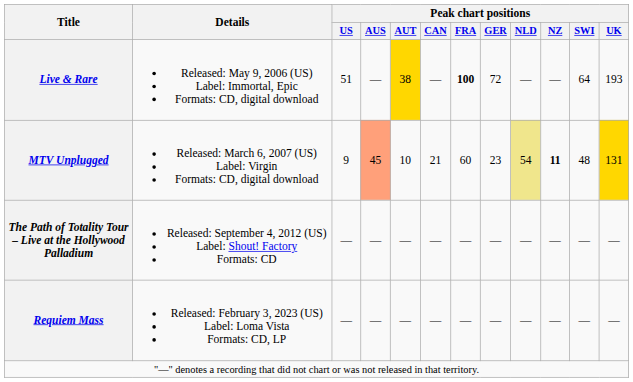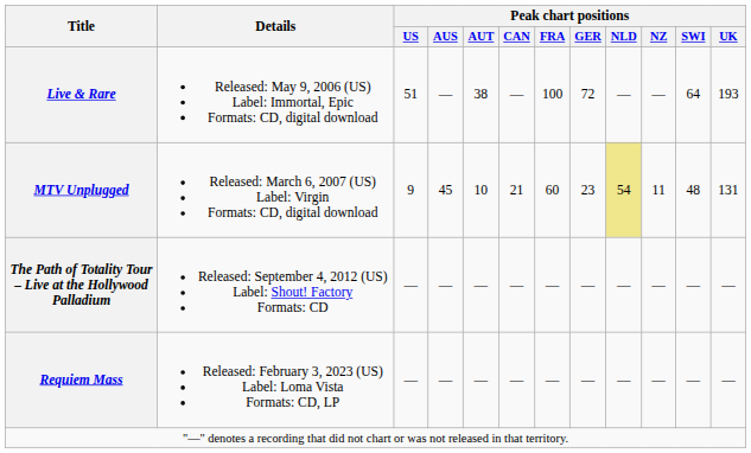 <table class="wikitable plainrowheaders" style="text-align:center;">
 <tr>
 <th scope="col" rowspan="2" style="width:12em;">Title</th>
 <th scope="col" rowspan="2" style="width:19em;">Details</th>
 <th scope="col" colspan="10">Peak chart positions</th>
 </tr>
 <tr>
 <th scope="col" style="width:2.5em;font-size:90%;"><a href='#'>US</a><br></th>
 <th scope="col" style="width:2.5em;font-size:90%;"><a href='#'>AUS</a><br></th>
 <th scope="col" style="width:2.5em;font-size:90%;"><a href='#'>AUT</a><br></th>
 <th scope="col" style="width:2.5em;font-size:90%;"><a href='#'>CAN</a><br></th>
 <th scope="col" style="width:2.5em;font-size:90%;"><a href='#'>FRA</a><br></th>
 <th scope="col" style="width:2.5em;font-size:90%;"><a href='#'>GER</a><br></th>
 <th scope="col" style="width:2.5em;font-size:90%;"><a href='#'>NLD</a><br></th>
 <th scope="col" style="width:2.5em;font-size:90%;"><a href='#'>NZ</a><br></th>
 <th scope="col" style="width:2.5em;font-size:90%;"><a href='#'>SWI</a><br></th>
 <th scope="col" style="width:2.5em;font-size:90%;"><a href='#'>UK</a><br></th>
 </tr>
 <tr>
 <th scope="row"><em><a href='#'>Live & Rare</a></em></th>
 <td><br><ul><li>Released: May 9, 2006 <span>(US)</span></li><li>Label: Immortal, Epic</li><li>Formats: CD, digital download</li></ul></td>
 <td>51</td>
 <td>—</td>
-<td style="background: gold;">38</td>
+<td>38</td>
 <td>—</td>
-<td><strong>100</strong></td>
+<td>100</td>
 <td>72</td>
 <td>—</td>
 <td>—</td>
 <td>64</td>
 <td>193</td>
 </tr>
 <tr>
 <th scope="row"><em><a href='#'>MTV Unplugged</a></em></th>
 <td><br><ul><li>Released: March 6, 2007 <span>(US)</span></li><li>Label: Virgin</li><li>Formats: CD, digital download</li></ul></td>
 <td>9</td>
-<td style="background: lightsalmon;">45</td>
+<td>45</td>
 <td>10</td>
 <td>21</td>
 <td>60</td>
 <td>23</td>
 <td style="background: khaki;">54</td>
-<td><strong>11</strong></td>
+<td>11</td>
 <td>48</td>
-<td style="background: gold;">131</td>
+<td>131</td>
 </tr>
 <tr>
 <th scope="row"><em>The Path of Totality Tour – Live at the Hollywood Palladium</em></th>
 <td><br><ul><li>Released: September 4, 2012 <span>(US)</span></li><li>Label: <a href='#'>Shout! Factory</a></li><li>Formats: CD</li></ul></td>
 <td>—</td>
 <td>—</td>
 <td>—</td>
 <td>—</td>
 <td>—</td>
 <td>—</td>
 <td>—</td>
 <td>—</td>
 <td>—</td>
 <td>—</td>
 </tr>
 <tr>
 <th scope="row"><em><a href='#'>Requiem Mass</a></em></th>
 <td><br><ul><li>Released: February 3, 2023 <span>(US)</span></li><li>Label: Loma Vista</li><li>Formats: CD, LP</li></ul></td>
 <td>—</td>
 <td>—</td>
 <td>—</td>
 <td>—</td>
 <td>—</td>
 <td>—</td>
 <td>—</td>
 <td>—</td>
 <td>—</td>
 <td>—</td>
 </tr>
 <tr>
 <td colspan="15" style="font-size:90%">"—" denotes a recording that did not chart or was not released in that territory.</td>
 </tr>
 </table>
